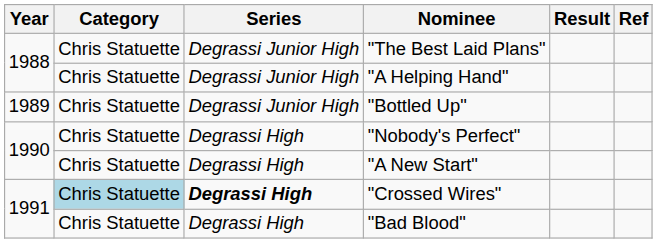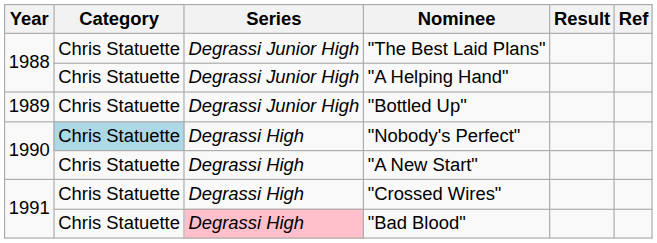 <table class="wikitable">
 <tr>
 <th>Year</th>
 <th>Category</th>
 <th>Series</th>
 <th>Nominee</th>
 <th>Result</th>
 <th>Ref</th>
 </tr>
 <tr>
 <td rowspan=2>1988</td>
 <td>Chris Statuette</td>
 <td><em>Degrassi Junior High</em></td>
 <td>"The Best Laid Plans"</td>
 <td></td>
 <td></td>
 </tr>
 <tr>
 <td>Chris Statuette</td>
 <td><em>Degrassi Junior High</em></td>
 <td>"A Helping Hand"</td>
 <td></td>
 <td></td>
 </tr>
 <tr>
 <td>1989</td>
 <td>Chris Statuette</td>
 <td><em>Degrassi Junior High</em></td>
 <td>"Bottled Up"</td>
 <td></td>
 <td></td>
 </tr>
 <tr>
 <td rowspan=2>1990</td>
-<td>Chris Statuette</td>
+<td style="background: lightblue;">Chris Statuette</td>
 <td><em>Degrassi High</em></td>
 <td>"Nobody's Perfect"</td>
 <td></td>
 <td></td>
 </tr>
 <tr>
 <td>Chris Statuette</td>
 <td><em>Degrassi High</em></td>
 <td>"A New Start"</td>
 <td></td>
 <td></td>
 </tr>
 <tr>
 <td rowspan=2>1991</td>
-<td style="background: lightblue;">Chris Statuette</td>
-<td><strong><em>Degrassi High</em></strong></td>
+<td>Chris Statuette</td>
+<td><em>Degrassi High</em></td>
 <td>"Crossed Wires"</td>
 <td></td>
 <td></td>
 </tr>
 <tr>
 <td>Chris Statuette</td>
-<td><em>Degrassi High</em></td>
+<td style="background: pink;"><em>Degrassi High</em></td>
 <td>"Bad Blood"</td>
 <td></td>
 <td></td>
 </tr>
 </table>
